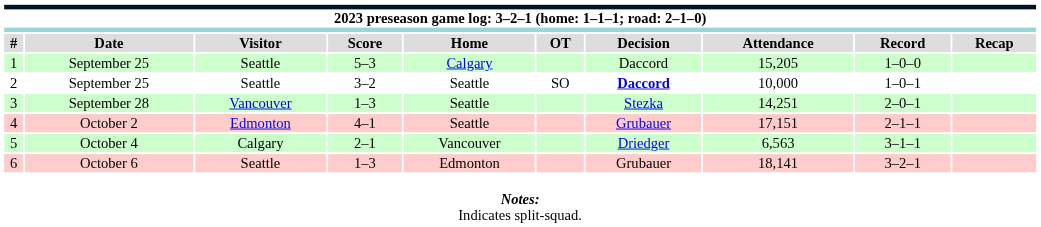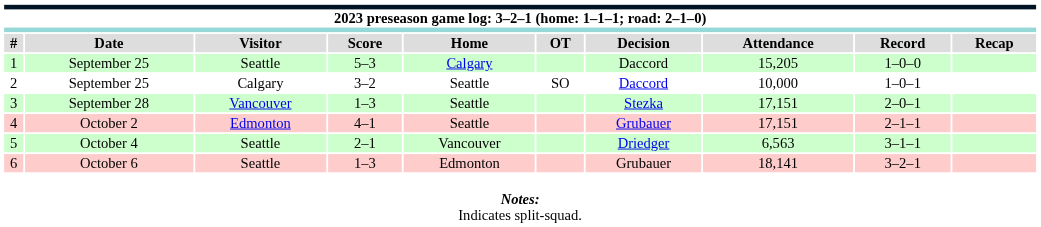 <table class="toccolours collapsible collapsed" style="width:90%; clear:both; margin:1.5em auto; text-align:center;">
 <tr>
 <th colspan="11" style="background:#fff; border-top:#001425 5px solid; border-bottom:#96D8D8 5px solid;">2023 preseason game log: 3–2–1 (home: 1–1–1; road: 2–1–0)</th>
 </tr>
 <tr style="background:#ddd;">
 <th>#</th>
 <th>Date</th>
 <th>Visitor</th>
 <th>Score</th>
 <th>Home</th>
 <th>OT</th>
 <th>Decision</th>
 <th>Attendance</th>
 <th>Record</th>
 <th>Recap</th>
 </tr>
 <tr style="background:#cfc;">
 <td>1</td>
 <td>September 25</td>
 <td>Seattle</td>
 <td>5–3</td>
 <td><a href='#'>Calgary</a></td>
 <td></td>
 <td>Daccord</td>
 <td>15,205</td>
 <td>1–0–0</td>
 <td></td>
 </tr>
 <tr style="background:#fff;">
 <td>2</td>
 <td>September 25</td>
-<td>Seattle</td>
+<td>Calgary</td>
 <td>3–2</td>
 <td>Seattle</td>
 <td>SO</td>
-<td><strong><a href='#'>Daccord</a></strong></td>
+<td><a href='#'>Daccord</a></td>
 <td>10,000</td>
 <td>1–0–1</td>
 <td></td>
 </tr>
 <tr style="background:#cfc;">
 <td>3</td>
 <td>September 28</td>
 <td><a href='#'>Vancouver</a></td>
 <td>1–3</td>
 <td>Seattle</td>
 <td></td>
 <td><a href='#'>Stezka</a></td>
-<td>14,251</td>
+<td>17,151</td>
 <td>2–0–1</td>
 <td></td>
 </tr>
 <tr style="background:#fcc;">
 <td>4</td>
 <td>October 2</td>
 <td><a href='#'>Edmonton</a></td>
 <td>4–1</td>
 <td>Seattle</td>
 <td></td>
 <td><a href='#'>Grubauer</a></td>
 <td>17,151</td>
 <td>2–1–1</td>
 <td></td>
 </tr>
 <tr style="background:#cfc;">
 <td>5</td>
 <td>October 4</td>
-<td>Calgary</td>
+<td>Seattle</td>
 <td>2–1</td>
 <td>Vancouver</td>
 <td></td>
 <td><a href='#'>Driedger</a></td>
 <td>6,563</td>
 <td>3–1–1</td>
 <td></td>
 </tr>
 <tr style="background:#fcc;">
 <td>6</td>
 <td>October 6</td>
 <td>Seattle</td>
 <td>1–3</td>
 <td>Edmonton</td>
 <td></td>
 <td>Grubauer</td>
 <td>18,141</td>
 <td>3–2–1</td>
 <td></td>
 </tr>
 <tr>
 <td colspan="10" style="text-align:center;"><br><strong><em>Notes:</em></strong><br>  Indicates split-squad.</td>
 </tr>
 </table>
